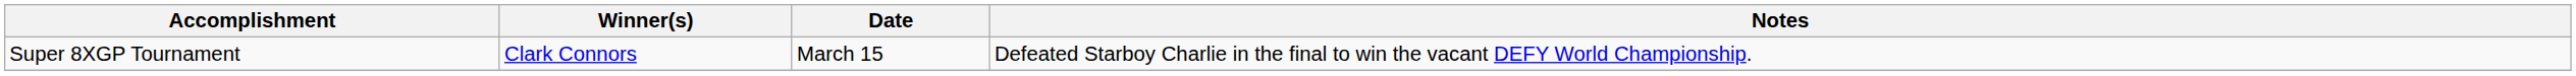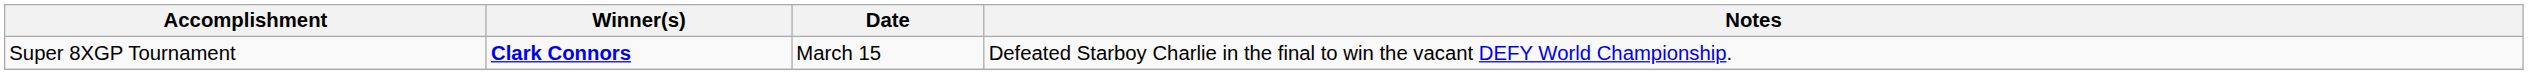 <table class="wikitable" style="width:100%;">
 <tr>
 <th>Accomplishment</th>
 <th>Winner(s)</th>
 <th>Date</th>
 <th>Notes</th>
 </tr>
 <tr>
 <td>Super 8XGP Tournament</td>
-<td><a href='#'>Clark Connors</a></td>
+<td><strong><a href='#'>Clark Connors</a></strong></td>
 <td>March 15</td>
 <td>Defeated Starboy Charlie in the final to win the vacant <a href='#'>DEFY World Championship</a>.</td>
 </tr>
 <tr>
 </tr>
 </table>
